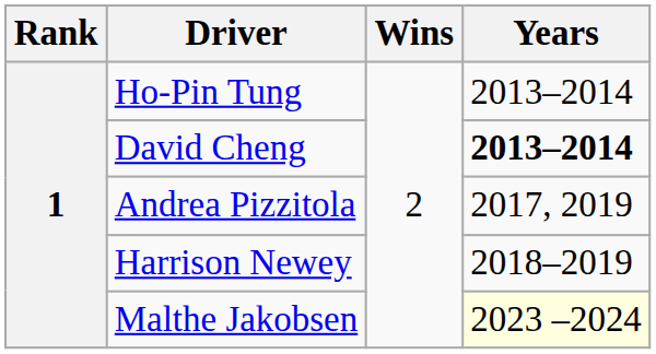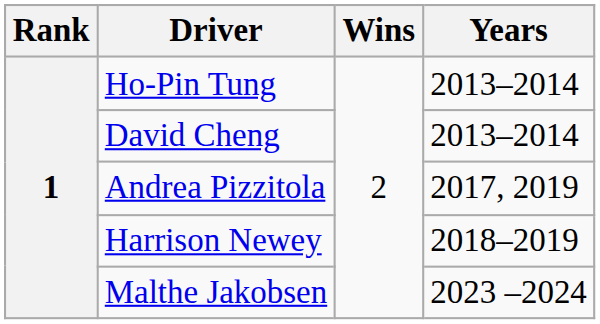 <table class="wikitable">
 <tr>
 <th>Rank</th>
 <th>Driver</th>
 <th>Wins</th>
 <th>Years</th>
 </tr>
 <tr>
 <th rowspan="5">1</th>
 <td> <a href='#'>Ho-Pin Tung</a></td>
 <td rowspan="5" align="center">2</td>
 <td>2013–2014</td>
 </tr>
 <tr>
 <td> <a href='#'>David Cheng</a></td>
-<td><strong>2013–2014</strong></td>
+<td>2013–2014</td>
 </tr>
 <tr>
 <td> <a href='#'>Andrea Pizzitola</a></td>
 <td>2017, 2019</td>
 </tr>
 <tr>
 <td> <a href='#'>Harrison Newey</a></td>
 <td>2018–2019</td>
 </tr>
 <tr>
 <td> <a href='#'>Malthe Jakobsen</a></td>
-<td style="background: lightyellow;">2023 –2024 </td>
+<td>2023 –2024 </td>
 </tr>
 </table>
